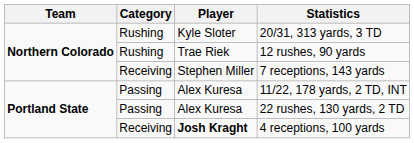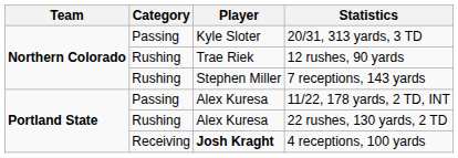 <table class="wikitable" style="float: left;">
 <tr>
 <th>Team</th>
 <th>Category</th>
 <th>Player</th>
 <th>Statistics</th>
 </tr>
 <tr>
 <td rowspan=3><strong>Northern Colorado</strong></td>
-<td>Rushing</td>
+<td>Passing</td>
 <td>Kyle Sloter</td>
 <td>20/31, 313 yards, 3 TD</td>
 </tr>
 <tr>
 <td>Rushing</td>
 <td>Trae Riek</td>
 <td>12 rushes, 90 yards</td>
 </tr>
 <tr>
-<td>Receiving</td>
+<td>Rushing</td>
 <td>Stephen Miller</td>
 <td>7 receptions, 143 yards</td>
 </tr>
 <tr>
 <td rowspan=3><strong>Portland State</strong></td>
 <td>Passing</td>
 <td>Alex Kuresa</td>
 <td>11/22, 178 yards, 2 TD, INT</td>
 </tr>
 <tr>
-<td>Passing</td>
+<td>Rushing</td>
 <td>Alex Kuresa</td>
 <td>22 rushes, 130 yards, 2 TD</td>
 </tr>
 <tr>
 <td>Receiving</td>
 <td><strong>Josh Kraght</strong></td>
 <td>4 receptions, 100 yards</td>
 </tr>
 </table>
